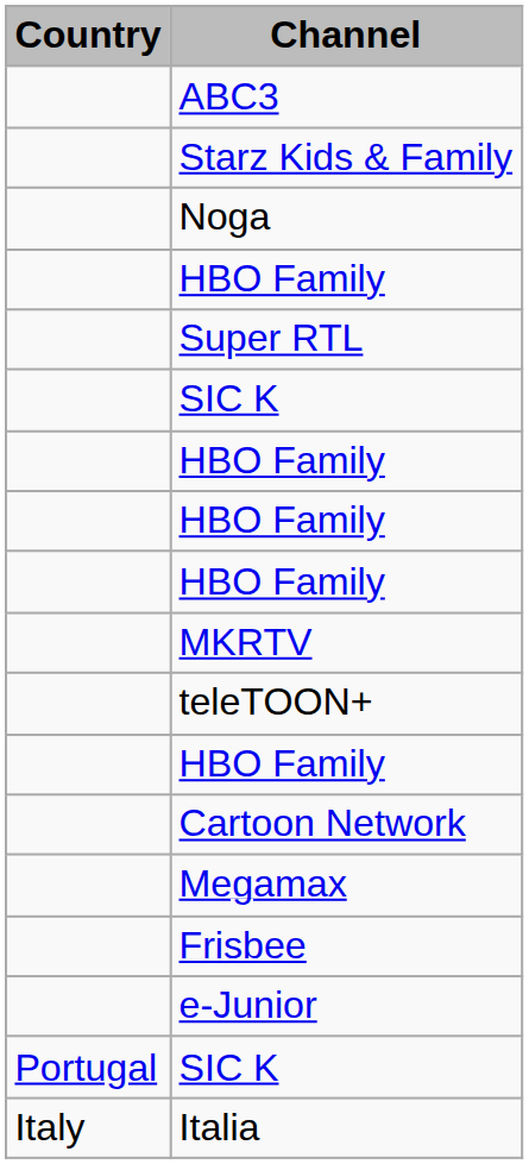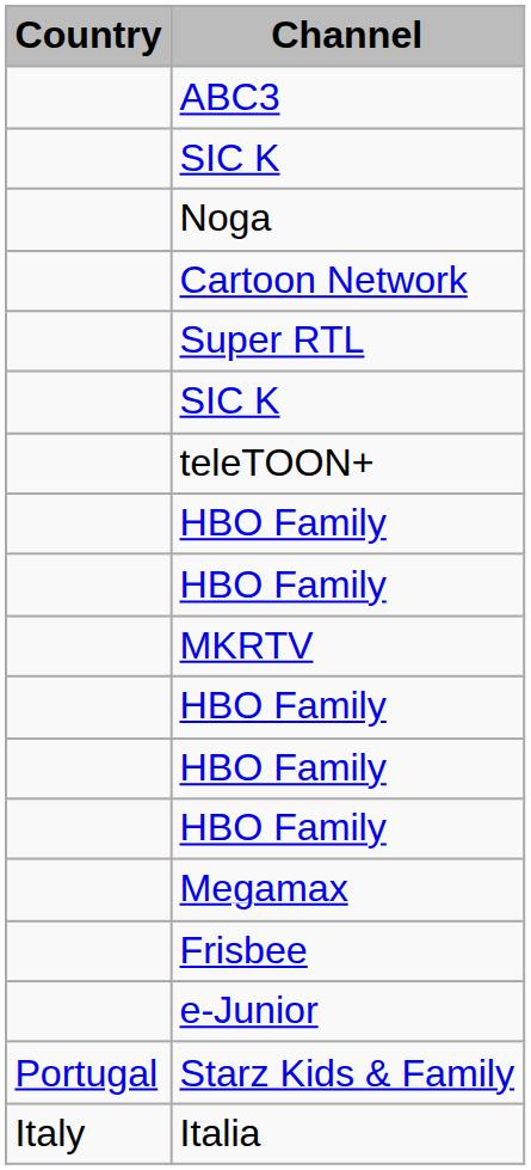 <table class="wikitable">
 <tr>
 <th style="background:#bcbcbc;">Country</th>
 <th style="background:#bcbcbc;">Channel</th>
 </tr>
 <tr>
 <td></td>
 <td><a href='#'>ABC3</a></td>
 </tr>
 <tr>
 <td></td>
-<td><a href='#'>Starz Kids & Family</a></td>
+<td><a href='#'>SIC K</a></td>
 </tr>
 <tr>
 <td></td>
 <td>Noga</td>
 </tr>
 <tr>
 <td></td>
-<td><a href='#'>HBO Family</a></td>
+<td><a href='#'>Cartoon Network</a></td>
 </tr>
 <tr>
 <td></td>
 <td><a href='#'>Super RTL</a></td>
 </tr>
 <tr>
 <td></td>
 <td><a href='#'>SIC K</a></td>
+</tr>
+<tr>
+<td></td>
+<td>teleTOON+</td>
+</tr>
+<tr>
+<td></td>
+<td><a href='#'>HBO Family</a></td>
+</tr>
+<tr>
+<td></td>
+<td><a href='#'>HBO Family</a></td>
+</tr>
+<tr>
+<td></td>
+<td><a href='#'>MKRTV</a></td>
 </tr>
 <tr>
 <td></td>
 <td><a href='#'>HBO Family</a></td>
 </tr>
 <tr>
 <td></td>
 <td><a href='#'>HBO Family</a></td>
 </tr>
 <tr>
 <td></td>
 <td><a href='#'>HBO Family</a></td>
 </tr>
 <tr>
 <td></td>
-<td><a href='#'>MKRTV</a></td>
-</tr>
-<tr>
-<td></td>
-<td>teleTOON+</td>
-</tr>
-<tr>
-<td></td>
-<td><a href='#'>HBO Family</a></td>
-</tr>
-<tr>
-<td></td>
-<td><a href='#'>Cartoon Network</a></td>
-</tr>
-<tr>
-<td></td>
 <td><a href='#'>Megamax</a></td>
 </tr>
 <tr>
 <td></td>
 <td><a href='#'>Frisbee</a></td>
 </tr>
 <tr>
 <td></td>
 <td><a href='#'>e-Junior</a></td>
 </tr>
 <tr>
 <td> <a href='#'>Portugal</a></td>
-<td><a href='#'>SIC K</a></td>
+<td><a href='#'>Starz Kids & Family</a></td>
 </tr>
 <tr>
 <td> Italy</td>
 <td>Italia</td>
 </tr>
 </table>
